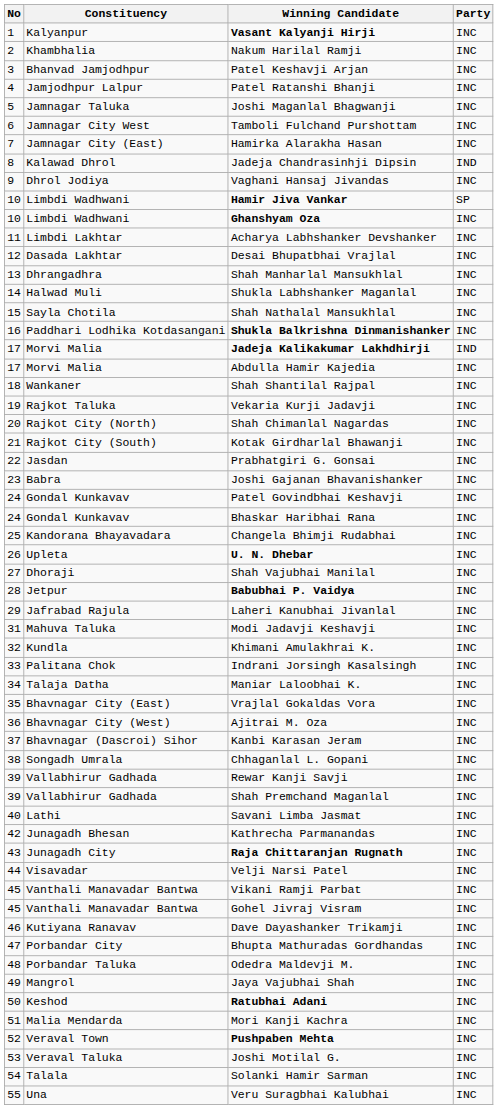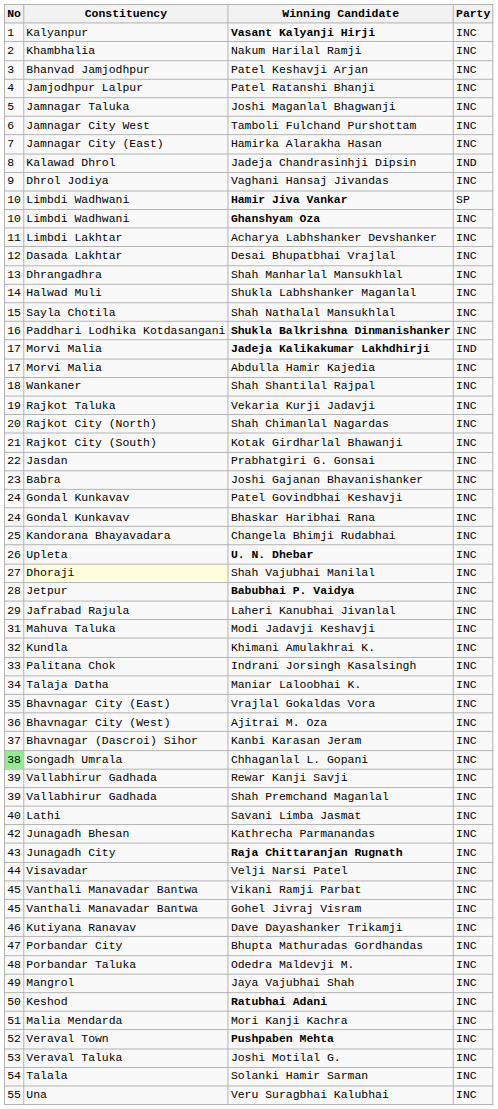 <table class="wikitable">
 <tr>
 <th>No</th>
 <th>Constituency</th>
 <th>Winning Candidate</th>
 <th>Party</th>
 </tr>
 <tr>
 <td>1</td>
 <td>Kalyanpur</td>
 <td><strong>Vasant Kalyanji Hirji</strong></td>
 <td>INC</td>
 </tr>
 <tr>
 <td>2</td>
 <td>Khambhalia</td>
 <td>Nakum Harilal Ramji</td>
 <td>INC</td>
 </tr>
 <tr>
 <td>3</td>
 <td>Bhanvad Jamjodhpur</td>
 <td>Patel Keshavji Arjan</td>
 <td>INC</td>
 </tr>
 <tr>
 <td>4</td>
 <td>Jamjodhpur Lalpur</td>
 <td>Patel Ratanshi Bhanji</td>
 <td>INC</td>
 </tr>
 <tr>
 <td>5</td>
 <td>Jamnagar Taluka</td>
 <td>Joshi Maganlal Bhagwanji</td>
 <td>INC</td>
 </tr>
 <tr>
 <td>6</td>
 <td>Jamnagar City West</td>
 <td>Tamboli Fulchand Purshottam</td>
 <td>INC</td>
 </tr>
 <tr>
 <td>7</td>
 <td>Jamnagar City (East)</td>
 <td>Hamirka Alarakha Hasan</td>
 <td>INC</td>
 </tr>
 <tr>
 <td>8</td>
 <td>Kalawad Dhrol</td>
 <td>Jadeja Chandrasinhji Dipsin</td>
 <td>IND</td>
 </tr>
 <tr>
 <td>9</td>
 <td>Dhrol Jodiya</td>
 <td>Vaghani Hansaj Jivandas</td>
 <td>INC</td>
 </tr>
 <tr>
 <td>10</td>
 <td>Limbdi Wadhwani</td>
 <td><strong>Hamir Jiva Vankar</strong></td>
 <td>SP</td>
 </tr>
 <tr>
 <td>10</td>
 <td>Limbdi Wadhwani</td>
 <td><strong>Ghanshyam Oza</strong></td>
 <td>INC</td>
 </tr>
 <tr>
 <td>11</td>
 <td>Limbdi Lakhtar</td>
 <td>Acharya Labhshanker Devshanker</td>
 <td>INC</td>
 </tr>
 <tr>
 <td>12</td>
 <td>Dasada Lakhtar</td>
 <td>Desai Bhupatbhai Vrajlal</td>
 <td>INC</td>
 </tr>
 <tr>
 <td>13</td>
 <td>Dhrangadhra</td>
 <td>Shah Manharlal Mansukhlal</td>
 <td>INC</td>
 </tr>
 <tr>
 <td>14</td>
 <td>Halwad Muli</td>
 <td>Shukla Labhshanker Maganlal</td>
 <td>INC</td>
 </tr>
 <tr>
 <td>15</td>
 <td>Sayla Chotila</td>
 <td>Shah Nathalal Mansukhlal</td>
 <td>INC</td>
 </tr>
 <tr>
 <td>16</td>
 <td>Paddhari Lodhika Kotdasangani</td>
 <td><strong>Shukla Balkrishna Dinmanishanker</strong></td>
 <td>INC</td>
 </tr>
 <tr>
 <td>17</td>
 <td>Morvi Malia</td>
 <td><strong>Jadeja Kalikakumar Lakhdhirji</strong></td>
 <td>IND</td>
 </tr>
 <tr>
 <td>17</td>
 <td>Morvi Malia</td>
 <td>Abdulla Hamir Kajedia</td>
 <td>INC</td>
 </tr>
 <tr>
 <td>18</td>
 <td>Wankaner</td>
 <td>Shah Shantilal Rajpal</td>
 <td>INC</td>
 </tr>
 <tr>
 <td>19</td>
 <td>Rajkot Taluka</td>
 <td>Vekaria Kurji Jadavji</td>
 <td>INC</td>
 </tr>
 <tr>
 <td>20</td>
 <td>Rajkot City (North)</td>
 <td>Shah Chimanlal Nagardas</td>
 <td>INC</td>
 </tr>
 <tr>
 <td>21</td>
 <td>Rajkot City (South)</td>
 <td>Kotak Girdharlal Bhawanji</td>
 <td>INC</td>
 </tr>
 <tr>
 <td>22</td>
 <td>Jasdan</td>
 <td>Prabhatgiri G. Gonsai</td>
 <td>INC</td>
 </tr>
 <tr>
 <td>23</td>
 <td>Babra</td>
 <td>Joshi Gajanan Bhavanishanker</td>
 <td>INC</td>
 </tr>
 <tr>
 <td>24</td>
 <td>Gondal Kunkavav</td>
 <td>Patel Govindbhai Keshavji</td>
 <td>INC</td>
 </tr>
 <tr>
 <td>24</td>
 <td>Gondal Kunkavav</td>
 <td>Bhaskar Haribhai Rana</td>
 <td>INC</td>
 </tr>
 <tr>
 <td>25</td>
 <td>Kandorana Bhayavadara</td>
 <td>Changela Bhimji Rudabhai</td>
 <td>INC</td>
 </tr>
 <tr>
 <td>26</td>
 <td>Upleta</td>
 <td><strong>U. N. Dhebar</strong></td>
 <td>INC</td>
 </tr>
 <tr>
 <td>27</td>
-<td>Dhoraji</td>
+<td style="background: lightyellow;">Dhoraji</td>
 <td>Shah Vajubhai Manilal</td>
 <td>INC</td>
 </tr>
 <tr>
 <td>28</td>
 <td>Jetpur</td>
 <td><strong>Babubhai P. Vaidya</strong></td>
 <td>INC</td>
 </tr>
 <tr>
 <td>29</td>
 <td>Jafrabad Rajula</td>
 <td>Laheri Kanubhai Jivanlal</td>
 <td>INC</td>
 </tr>
 <tr>
 <td>31</td>
 <td>Mahuva Taluka</td>
 <td>Modi Jadavji Keshavji</td>
 <td>INC</td>
 </tr>
 <tr>
 <td>32</td>
 <td>Kundla</td>
 <td>Khimani Amulakhrai K.</td>
 <td>INC</td>
 </tr>
 <tr>
 <td>33</td>
 <td>Palitana Chok</td>
 <td>Indrani Jorsingh Kasalsingh</td>
 <td>INC</td>
 </tr>
 <tr>
 <td>34</td>
 <td>Talaja Datha</td>
 <td>Maniar Laloobhai K.</td>
 <td>INC</td>
 </tr>
 <tr>
 <td>35</td>
 <td>Bhavnagar City (East)</td>
 <td>Vrajlal Gokaldas Vora</td>
 <td>INC</td>
 </tr>
 <tr>
 <td>36</td>
 <td>Bhavnagar City (West)</td>
 <td>Ajitrai M. Oza</td>
 <td>INC</td>
 </tr>
 <tr>
 <td>37</td>
 <td>Bhavnagar (Dascroi) Sihor</td>
 <td>Kanbi Karasan Jeram</td>
 <td>INC</td>
 </tr>
 <tr>
-<td>38</td>
+<td style="background: lightgreen;">38</td>
 <td>Songadh Umrala</td>
 <td>Chhaganlal L. Gopani</td>
 <td>INC</td>
 </tr>
 <tr>
 <td>39</td>
 <td>Vallabhirur Gadhada</td>
 <td>Rewar Kanji Savji</td>
 <td>INC</td>
 </tr>
 <tr>
 <td>39</td>
 <td>Vallabhirur Gadhada</td>
 <td>Shah Premchand Maganlal</td>
 <td>INC</td>
 </tr>
 <tr>
 <td>40</td>
 <td>Lathi</td>
 <td>Savani Limba Jasmat</td>
 <td>INC</td>
 </tr>
 <tr>
 <td>42</td>
 <td>Junagadh Bhesan</td>
 <td>Kathrecha Parmanandas</td>
 <td>INC</td>
 </tr>
 <tr>
 <td>43</td>
 <td>Junagadh City</td>
 <td><strong>Raja Chittaranjan Rugnath</strong></td>
 <td>INC</td>
 </tr>
 <tr>
 <td>44</td>
 <td>Visavadar</td>
 <td>Velji Narsi Patel</td>
 <td>INC</td>
 </tr>
 <tr>
 <td>45</td>
 <td>Vanthali Manavadar Bantwa</td>
 <td>Vikani Ramji Parbat</td>
 <td>INC</td>
 </tr>
 <tr>
 <td>45</td>
 <td>Vanthali Manavadar Bantwa</td>
 <td>Gohel Jivraj Visram</td>
 <td>INC</td>
 </tr>
 <tr>
 <td>46</td>
 <td>Kutiyana Ranavav</td>
 <td>Dave Dayashanker Trikamji</td>
 <td>INC</td>
 </tr>
 <tr>
 <td>47</td>
 <td>Porbandar City</td>
 <td>Bhupta Mathuradas Gordhandas</td>
 <td>INC</td>
 </tr>
 <tr>
 <td>48</td>
 <td>Porbandar Taluka</td>
 <td>Odedra Maldevji M.</td>
 <td>INC</td>
 </tr>
 <tr>
 <td>49</td>
 <td>Mangrol</td>
 <td>Jaya Vajubhai Shah</td>
 <td>INC</td>
 </tr>
 <tr>
 <td>50</td>
 <td>Keshod</td>
 <td><strong>Ratubhai Adani</strong></td>
 <td>INC</td>
 </tr>
 <tr>
 <td>51</td>
 <td>Malia Mendarda</td>
 <td>Mori Kanji Kachra</td>
 <td>INC</td>
 </tr>
 <tr>
 <td>52</td>
 <td>Veraval Town</td>
 <td><strong>Pushpaben Mehta</strong></td>
 <td>INC</td>
 </tr>
 <tr>
 <td>53</td>
 <td>Veraval Taluka</td>
 <td>Joshi Motilal G.</td>
 <td>INC</td>
 </tr>
 <tr>
 <td>54</td>
 <td>Talala</td>
 <td>Solanki Hamir Sarman</td>
 <td>INC</td>
 </tr>
 <tr>
 <td>55</td>
 <td>Una</td>
 <td>Veru Suragbhai Kalubhai</td>
 <td>INC</td>
 </tr>
 </table>
